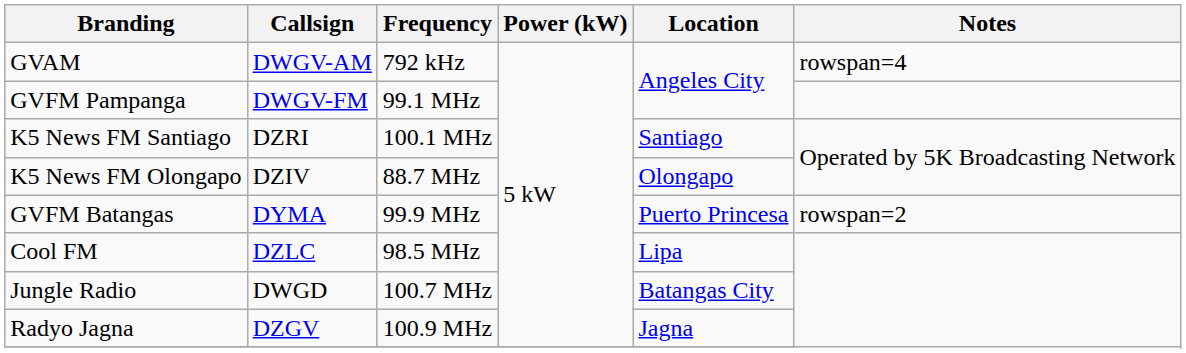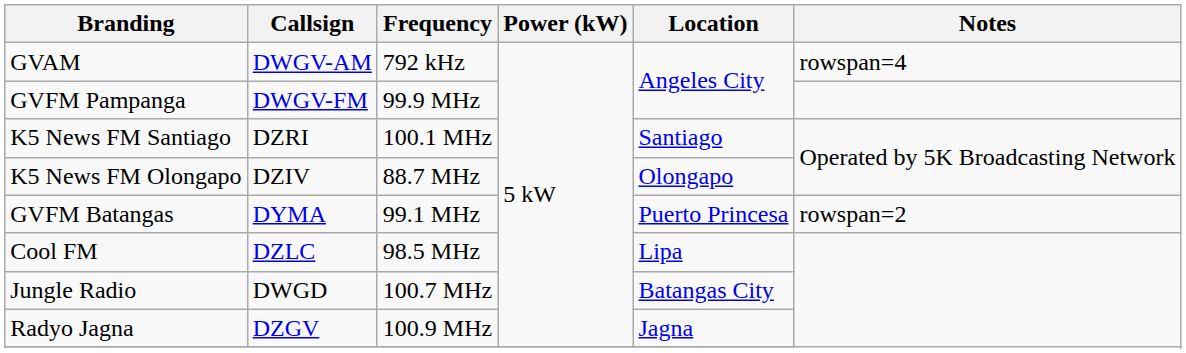 <table class="wikitable">
 <tr>
 <th>Branding</th>
 <th>Callsign</th>
 <th>Frequency</th>
 <th>Power (kW)</th>
 <th>Location</th>
 <th>Notes</th>
 </tr>
 <tr>
 <td>GVAM</td>
 <td><a href='#'>DWGV-AM</a></td>
 <td>792 kHz</td>
 <td rowspan="8">5 kW</td>
 <td rowspan=2><a href='#'>Angeles City</a></td>
 <td>rowspan=4 <em></em></td>
 </tr>
 <tr>
 <td>GVFM Pampanga</td>
 <td><a href='#'>DWGV-FM</a></td>
-<td>99.1 MHz</td>
+<td>99.9 MHz</td>
 </tr>
 <tr>
 <td>K5 News FM Santiago</td>
 <td>DZRI</td>
 <td>100.1 MHz</td>
 <td><a href='#'>Santiago</a></td>
 <td rowspan=2>Operated by 5K Broadcasting Network</td>
 </tr>
 <tr>
 <td>K5 News FM Olongapo</td>
 <td>DZIV</td>
 <td>88.7 MHz</td>
 <td><a href='#'>Olongapo</a></td>
 </tr>
 <tr>
 <td>GVFM Batangas</td>
 <td><a href='#'>DYMA</a></td>
-<td>99.9 MHz</td>
+<td>99.1 MHz</td>
 <td><a href='#'>Puerto Princesa</a></td>
 <td>rowspan=2 <em></em></td>
 </tr>
 <tr>
 <td>Cool FM</td>
 <td><a href='#'>DZLC</a></td>
 <td>98.5 MHz</td>
 <td><a href='#'>Lipa</a></td>
 </tr>
 <tr>
 <td>Jungle Radio</td>
 <td>DWGD</td>
 <td>100.7 MHz</td>
 <td><a href='#'>Batangas City</a></td>
 </tr>
 <tr>
 <td>Radyo Jagna</td>
 <td><a href='#'>DZGV</a></td>
 <td>100.9 MHz</td>
 <td><a href='#'>Jagna</a></td>
 </tr>
 <tr>
 </tr>
 </table>
